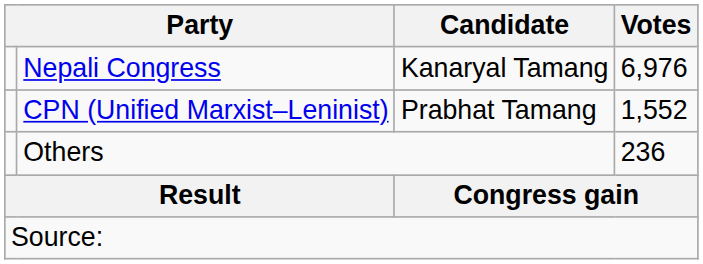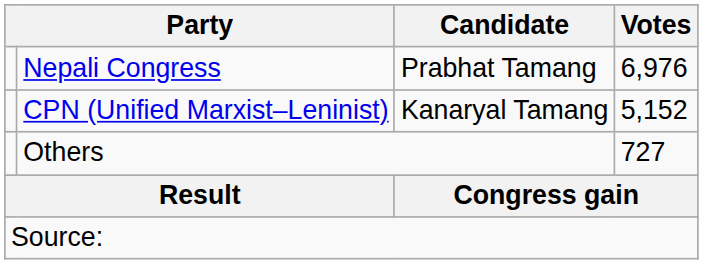 <table class="wikitable">
 <tr>
 <th colspan="2">Party</th>
 <th>Candidate</th>
 <th>Votes</th>
 </tr>
 <tr>
 <td style="background-color:"></td>
 <td><a href='#'>Nepali Congress</a></td>
-<td>Kanaryal Tamang</td>
+<td>Prabhat Tamang</td>
 <td>6,976</td>
 </tr>
 <tr>
 <td style="background-color:"></td>
 <td><a href='#'>CPN (Unified Marxist–Leninist)</a></td>
-<td>Prabhat Tamang</td>
-<td>1,552</td>
+<td>Kanaryal Tamang</td>
+<td>5,152</td>
 </tr>
 <tr>
 <td></td>
 <td colspan="2">Others</td>
-<td>236</td>
+<td>727</td>
 </tr>
 <tr>
 <th colspan="2">Result</th>
 <th colspan="2">Congress gain</th>
 </tr>
 <tr>
 <td colspan="4">Source: </td>
 </tr>
 </table>
